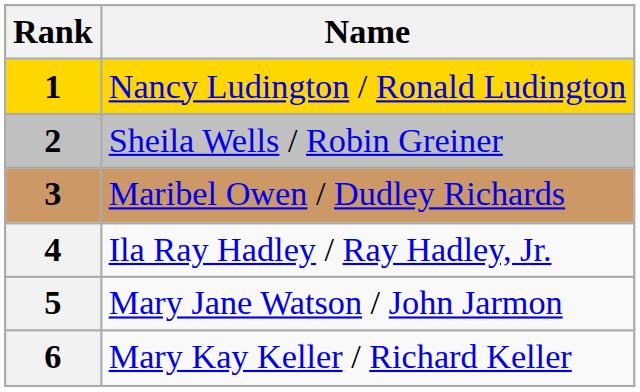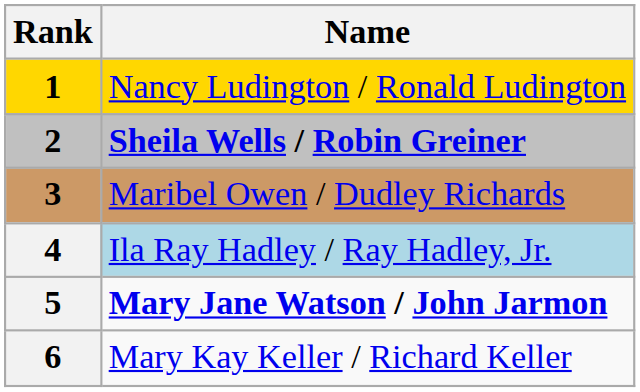 <table class="wikitable">
 <tr>
 <th>Rank</th>
 <th>Name</th>
 </tr>
 <tr bgcolor="gold">
 <td align="center"><strong>1</strong></td>
 <td><a href='#'>Nancy Ludington</a> / <a href='#'>Ronald Ludington</a></td>
 </tr>
 <tr bgcolor="silver">
 <td align="center"><strong>2</strong></td>
-<td><a href='#'>Sheila Wells</a> / <a href='#'>Robin Greiner</a></td>
+<td><strong><a href='#'>Sheila Wells</a> / <a href='#'>Robin Greiner</a></strong></td>
 </tr>
 <tr bgcolor="cc9966">
 <td align="center"><strong>3</strong></td>
 <td><a href='#'>Maribel Owen</a> / <a href='#'>Dudley Richards</a></td>
 </tr>
 <tr>
 <th>4</th>
-<td><a href='#'>Ila Ray Hadley</a> / <a href='#'>Ray Hadley, Jr.</a></td>
+<td style="background: lightblue;"><a href='#'>Ila Ray Hadley</a> / <a href='#'>Ray Hadley, Jr.</a></td>
 </tr>
 <tr>
 <th>5</th>
-<td><a href='#'>Mary Jane Watson</a> / <a href='#'>John Jarmon</a></td>
+<td><strong><a href='#'>Mary Jane Watson</a> / <a href='#'>John Jarmon</a></strong></td>
 </tr>
 <tr>
 <th>6</th>
 <td><a href='#'>Mary Kay Keller</a> / <a href='#'>Richard Keller</a></td>
 </tr>
 </table>
